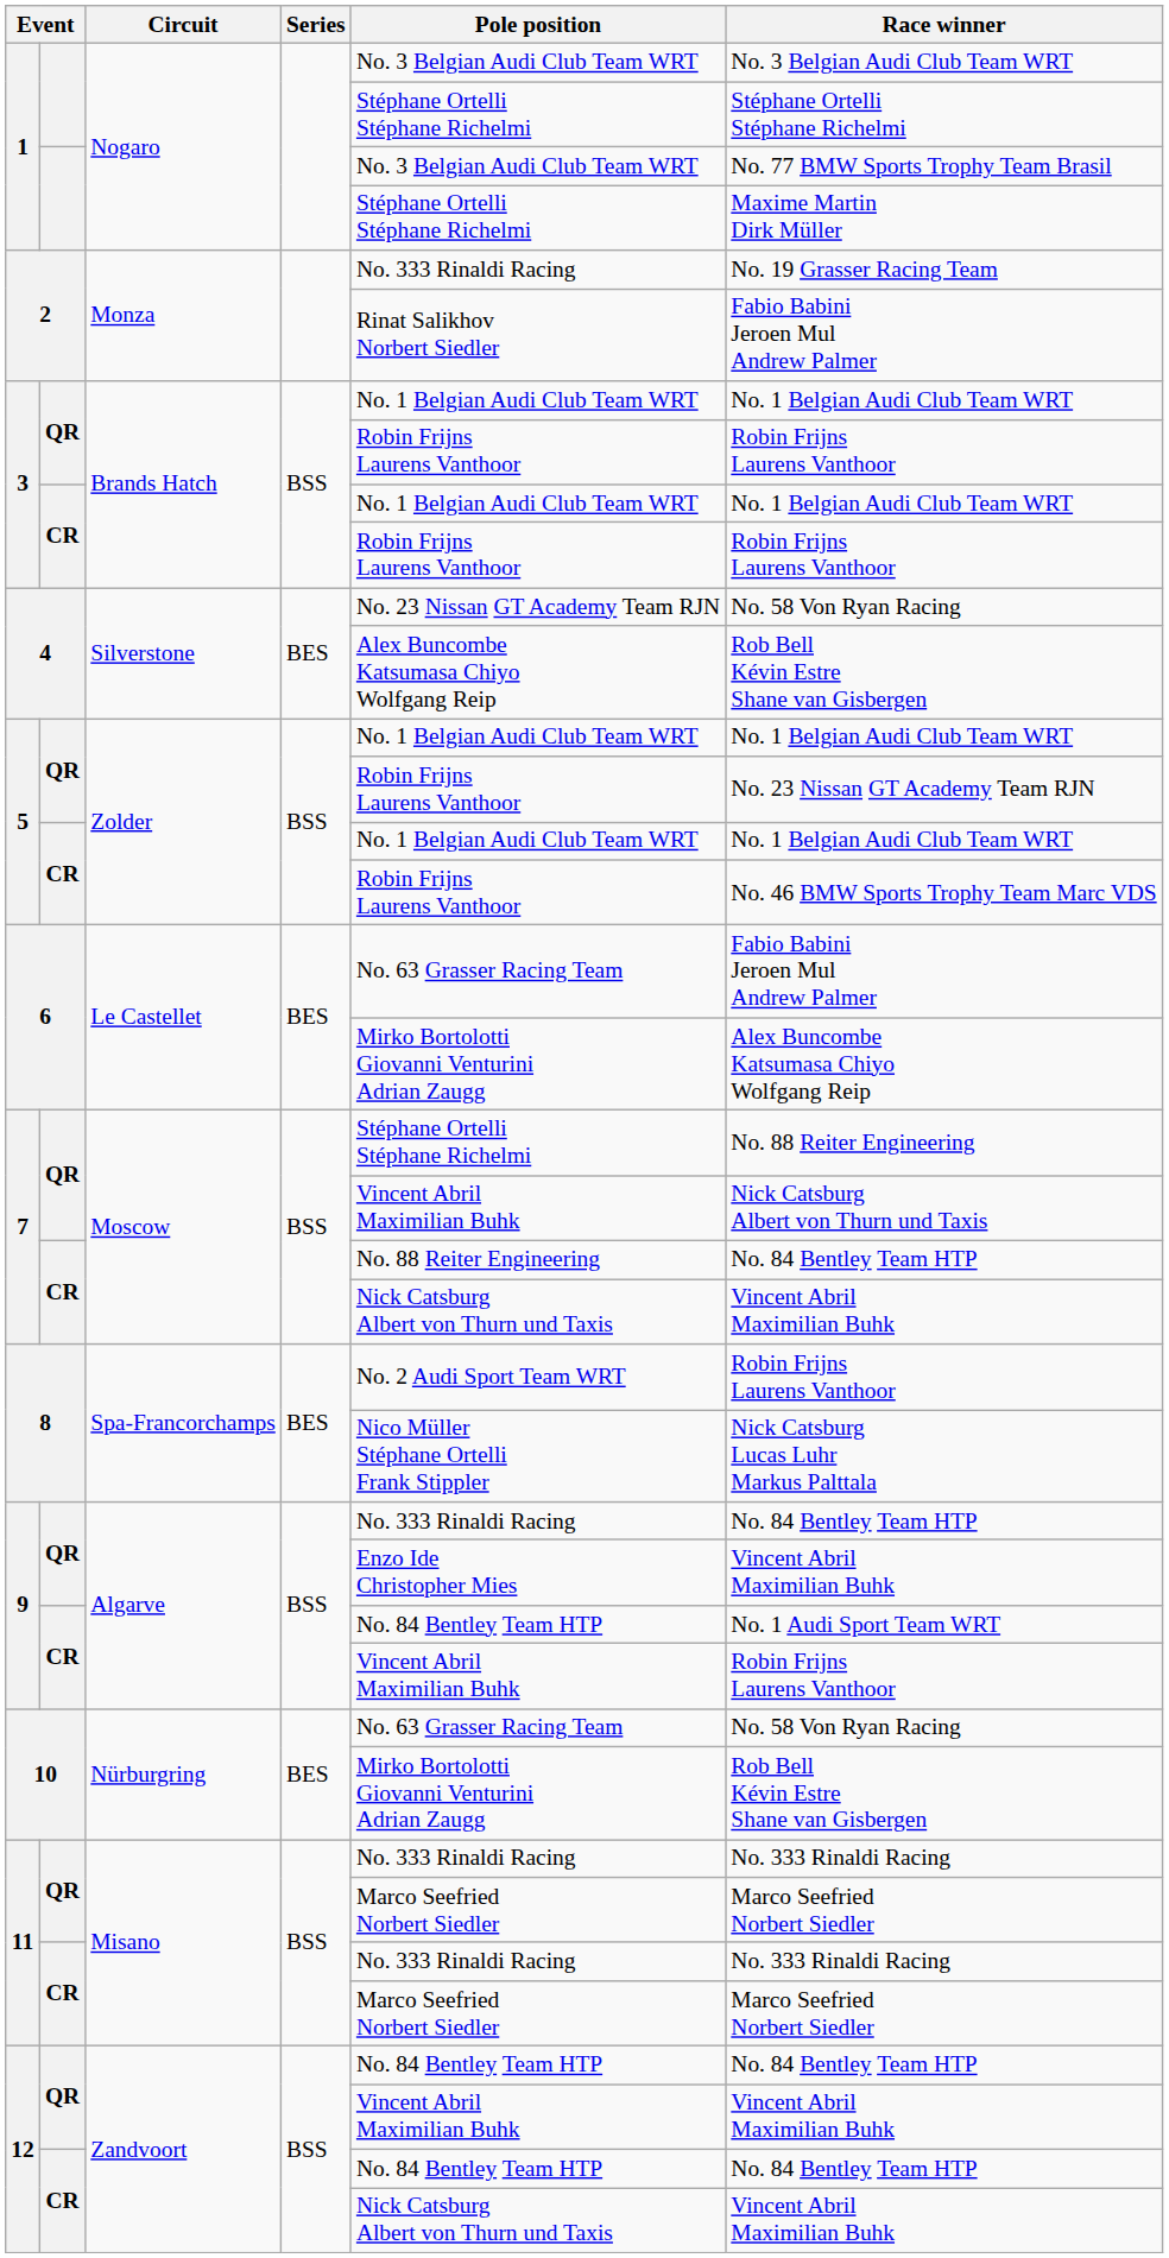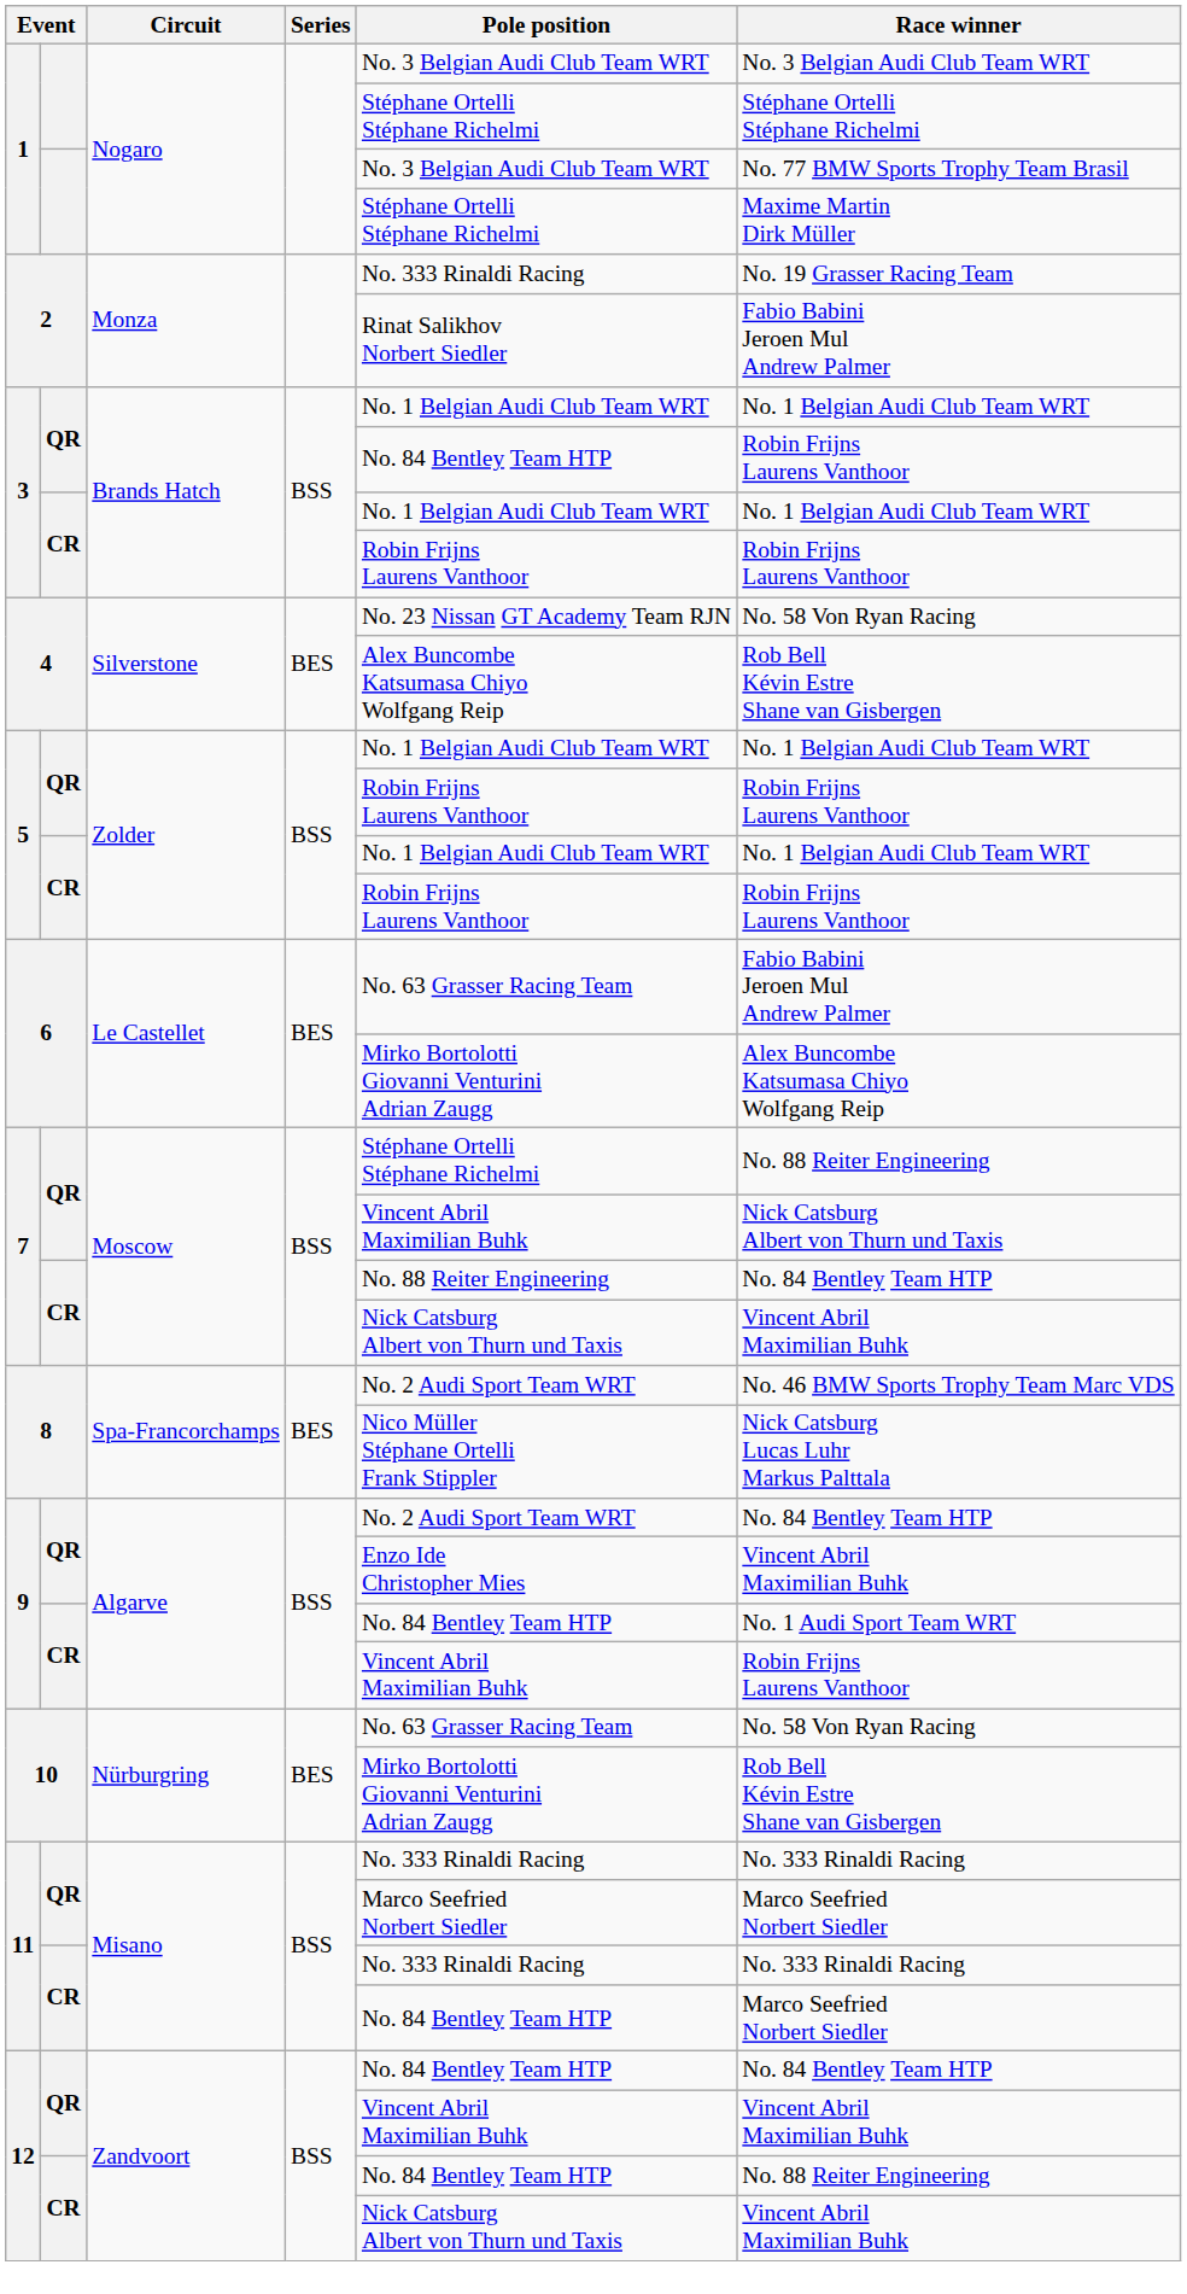 <table class="wikitable" style="font-size: 85%;">
 <tr>
 <th colspan=2>Event</th>
 <th>Circuit</th>
 <th>Series</th>
 <th>Pole position</th>
 <th>Race winner</th>
 </tr>
 <tr>
 <th rowspan=4>1</th>
 <th rowspan=2></th>
 <td rowspan=4> <a href='#'>Nogaro</a></td>
 <td rowspan=4></td>
 <td> No. 3 <a href='#'>Belgian Audi Club Team WRT</a></td>
 <td> No. 3 <a href='#'>Belgian Audi Club Team WRT</a></td>
 </tr>
 <tr>
 <td> <a href='#'>Stéphane Ortelli</a><br> <a href='#'>Stéphane Richelmi</a></td>
 <td> <a href='#'>Stéphane Ortelli</a><br> <a href='#'>Stéphane Richelmi</a></td>
 </tr>
 <tr>
 <th rowspan=2></th>
 <td> No. 3 <a href='#'>Belgian Audi Club Team WRT</a></td>
 <td> No. 77 <a href='#'>BMW Sports Trophy Team Brasil</a></td>
 </tr>
 <tr>
 <td> <a href='#'>Stéphane Ortelli</a><br> <a href='#'>Stéphane Richelmi</a></td>
 <td> <a href='#'>Maxime Martin</a><br> <a href='#'>Dirk Müller</a></td>
 </tr>
 <tr>
 <th rowspan=2 colspan=2>2</th>
 <td rowspan=2> <a href='#'>Monza</a></td>
 <td rowspan=2></td>
 <td> No. 333 Rinaldi Racing</td>
 <td> No. 19 <a href='#'>Grasser Racing Team</a></td>
 </tr>
 <tr>
 <td> Rinat Salikhov<br> <a href='#'>Norbert Siedler</a></td>
 <td> <a href='#'>Fabio Babini</a><br> Jeroen Mul<br> <a href='#'>Andrew Palmer</a></td>
 </tr>
 <tr>
 <th rowspan=4>3</th>
 <th rowspan=2>QR</th>
 <td rowspan=4> <a href='#'>Brands Hatch</a></td>
 <td rowspan=4>BSS</td>
 <td> No. 1 <a href='#'>Belgian Audi Club Team WRT</a></td>
 <td> No. 1 <a href='#'>Belgian Audi Club Team WRT</a></td>
 </tr>
 <tr>
-<td> <a href='#'>Robin Frijns</a><br> <a href='#'>Laurens Vanthoor</a></td>
+<td> No. 84 <a href='#'>Bentley</a> <a href='#'>Team HTP</a></td>
 <td> <a href='#'>Robin Frijns</a><br> <a href='#'>Laurens Vanthoor</a></td>
 </tr>
 <tr>
 <th rowspan=2>CR</th>
 <td> No. 1 <a href='#'>Belgian Audi Club Team WRT</a></td>
 <td> No. 1 <a href='#'>Belgian Audi Club Team WRT</a></td>
 </tr>
 <tr>
 <td> <a href='#'>Robin Frijns</a><br> <a href='#'>Laurens Vanthoor</a></td>
 <td> <a href='#'>Robin Frijns</a><br> <a href='#'>Laurens Vanthoor</a></td>
 </tr>
 <tr>
 <th rowspan=2 colspan=2>4</th>
 <td rowspan=2> <a href='#'>Silverstone</a></td>
 <td rowspan=2>BES</td>
 <td> No. 23 <a href='#'>Nissan</a> <a href='#'>GT Academy</a> Team RJN</td>
 <td> No. 58 Von Ryan Racing</td>
 </tr>
 <tr>
 <td> <a href='#'>Alex Buncombe</a><br> <a href='#'>Katsumasa Chiyo</a><br> Wolfgang Reip</td>
 <td> <a href='#'>Rob Bell</a><br> <a href='#'>Kévin Estre</a><br> <a href='#'>Shane van Gisbergen</a></td>
 </tr>
 <tr>
 <th rowspan=4>5</th>
 <th rowspan=2>QR</th>
 <td rowspan=4> <a href='#'>Zolder</a></td>
 <td rowspan=4>BSS</td>
 <td> No. 1 <a href='#'>Belgian Audi Club Team WRT</a></td>
 <td> No. 1 <a href='#'>Belgian Audi Club Team WRT</a></td>
 </tr>
 <tr>
 <td> <a href='#'>Robin Frijns</a><br> <a href='#'>Laurens Vanthoor</a></td>
-<td> No. 23 <a href='#'>Nissan</a> <a href='#'>GT Academy</a> Team RJN</td>
+<td> <a href='#'>Robin Frijns</a><br> <a href='#'>Laurens Vanthoor</a></td>
 </tr>
 <tr>
 <th rowspan=2>CR</th>
 <td> No. 1 <a href='#'>Belgian Audi Club Team WRT</a></td>
 <td> No. 1 <a href='#'>Belgian Audi Club Team WRT</a></td>
 </tr>
 <tr>
 <td> <a href='#'>Robin Frijns</a><br> <a href='#'>Laurens Vanthoor</a></td>
-<td> No. 46 <a href='#'>BMW Sports Trophy Team Marc VDS</a></td>
+<td> <a href='#'>Robin Frijns</a><br> <a href='#'>Laurens Vanthoor</a></td>
 </tr>
 <tr>
 <th rowspan=2 colspan=2>6</th>
 <td rowspan=2> <a href='#'>Le Castellet</a></td>
 <td rowspan=2>BES</td>
 <td> No. 63 <a href='#'>Grasser Racing Team</a></td>
 <td> <a href='#'>Fabio Babini</a><br> Jeroen Mul<br> <a href='#'>Andrew Palmer</a></td>
 </tr>
 <tr>
 <td> <a href='#'>Mirko Bortolotti</a><br> <a href='#'>Giovanni Venturini</a><br> <a href='#'>Adrian Zaugg</a></td>
 <td> <a href='#'>Alex Buncombe</a><br> <a href='#'>Katsumasa Chiyo</a><br> Wolfgang Reip</td>
 </tr>
 <tr>
 <th rowspan=4>7</th>
 <th rowspan=2>QR</th>
 <td rowspan=4> <a href='#'>Moscow</a></td>
 <td rowspan=4>BSS</td>
 <td> <a href='#'>Stéphane Ortelli</a><br> <a href='#'>Stéphane Richelmi</a></td>
 <td> No. 88 <a href='#'>Reiter Engineering</a></td>
 </tr>
 <tr>
 <td> <a href='#'>Vincent Abril</a><br> <a href='#'>Maximilian Buhk</a></td>
 <td> <a href='#'>Nick Catsburg</a><br> <a href='#'>Albert von Thurn und Taxis</a></td>
 </tr>
 <tr>
 <th rowspan=2>CR</th>
 <td> No. 88 <a href='#'>Reiter Engineering</a></td>
 <td> No. 84 <a href='#'>Bentley</a> <a href='#'>Team HTP</a></td>
 </tr>
 <tr>
 <td> <a href='#'>Nick Catsburg</a><br> <a href='#'>Albert von Thurn und Taxis</a></td>
 <td> <a href='#'>Vincent Abril</a><br> <a href='#'>Maximilian Buhk</a></td>
 </tr>
 <tr>
 <th rowspan=2 colspan=2>8</th>
 <td rowspan=2> <a href='#'>Spa-Francorchamps</a></td>
 <td rowspan=2>BES</td>
 <td> No. 2 <a href='#'>Audi Sport Team WRT</a></td>
-<td> <a href='#'>Robin Frijns</a><br> <a href='#'>Laurens Vanthoor</a></td>
+<td> No. 46 <a href='#'>BMW Sports Trophy Team Marc VDS</a></td>
 </tr>
 <tr>
 <td> <a href='#'>Nico Müller</a><br> <a href='#'>Stéphane Ortelli</a><br> <a href='#'>Frank Stippler</a></td>
 <td> <a href='#'>Nick Catsburg</a><br> <a href='#'>Lucas Luhr</a><br> <a href='#'>Markus Palttala</a></td>
 </tr>
 <tr>
 <th rowspan=4>9</th>
 <th rowspan=2>QR</th>
 <td rowspan=4> <a href='#'>Algarve</a></td>
 <td rowspan=4>BSS</td>
-<td> No. 333 Rinaldi Racing</td>
+<td> No. 2 <a href='#'>Audi Sport Team WRT</a></td>
 <td> No. 84 <a href='#'>Bentley</a> <a href='#'>Team HTP</a></td>
 </tr>
 <tr>
 <td> <a href='#'>Enzo Ide</a><br> <a href='#'>Christopher Mies</a></td>
 <td> <a href='#'>Vincent Abril</a><br> <a href='#'>Maximilian Buhk</a></td>
 </tr>
 <tr>
 <th rowspan=2>CR</th>
 <td> No. 84 <a href='#'>Bentley</a> <a href='#'>Team HTP</a></td>
 <td> No. 1 <a href='#'>Audi Sport Team WRT</a></td>
 </tr>
 <tr>
 <td> <a href='#'>Vincent Abril</a><br> <a href='#'>Maximilian Buhk</a></td>
 <td> <a href='#'>Robin Frijns</a><br> <a href='#'>Laurens Vanthoor</a></td>
 </tr>
 <tr>
 <th rowspan=2 colspan=2>10</th>
 <td rowspan=2> <a href='#'>Nürburgring</a></td>
 <td rowspan=2>BES</td>
 <td> No. 63 <a href='#'>Grasser Racing Team</a></td>
 <td> No. 58 Von Ryan Racing</td>
 </tr>
 <tr>
 <td> <a href='#'>Mirko Bortolotti</a><br> <a href='#'>Giovanni Venturini</a><br> <a href='#'>Adrian Zaugg</a></td>
 <td> <a href='#'>Rob Bell</a><br> <a href='#'>Kévin Estre</a><br> <a href='#'>Shane van Gisbergen</a></td>
 </tr>
 <tr>
 <th rowspan=4>11</th>
 <th rowspan=2>QR</th>
 <td rowspan=4> <a href='#'>Misano</a></td>
 <td rowspan=4>BSS</td>
 <td> No. 333 Rinaldi Racing</td>
 <td> No. 333 Rinaldi Racing</td>
 </tr>
 <tr>
 <td> Marco Seefried<br> <a href='#'>Norbert Siedler</a></td>
 <td> Marco Seefried<br> <a href='#'>Norbert Siedler</a></td>
 </tr>
 <tr>
 <th rowspan=2>CR</th>
 <td> No. 333 Rinaldi Racing</td>
 <td> No. 333 Rinaldi Racing</td>
 </tr>
 <tr>
-<td> Marco Seefried<br> <a href='#'>Norbert Siedler</a></td>
+<td> No. 84 <a href='#'>Bentley</a> <a href='#'>Team HTP</a></td>
 <td> Marco Seefried<br> <a href='#'>Norbert Siedler</a></td>
 </tr>
 <tr>
 <th rowspan=4>12</th>
 <th rowspan=2>QR</th>
 <td rowspan=4> <a href='#'>Zandvoort</a></td>
 <td rowspan=4>BSS</td>
 <td> No. 84 <a href='#'>Bentley</a> <a href='#'>Team HTP</a></td>
 <td> No. 84 <a href='#'>Bentley</a> <a href='#'>Team HTP</a></td>
 </tr>
 <tr>
 <td> <a href='#'>Vincent Abril</a><br> <a href='#'>Maximilian Buhk</a></td>
 <td> <a href='#'>Vincent Abril</a><br> <a href='#'>Maximilian Buhk</a></td>
 </tr>
 <tr>
 <th rowspan=2>CR</th>
 <td> No. 84 <a href='#'>Bentley</a> <a href='#'>Team HTP</a></td>
-<td> No. 84 <a href='#'>Bentley</a> <a href='#'>Team HTP</a></td>
+<td> No. 88 <a href='#'>Reiter Engineering</a></td>
 </tr>
 <tr>
 <td> <a href='#'>Nick Catsburg</a><br> <a href='#'>Albert von Thurn und Taxis</a></td>
 <td> <a href='#'>Vincent Abril</a><br> <a href='#'>Maximilian Buhk</a></td>
 </tr>
 </table>
